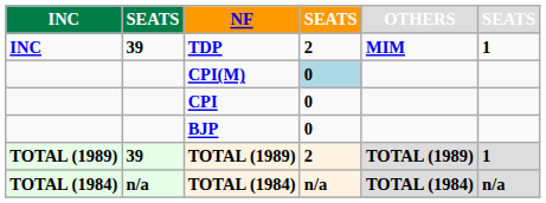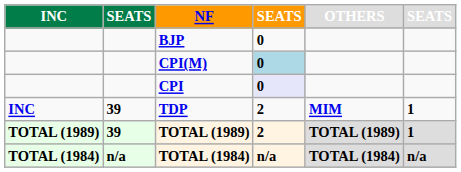 <table class="wikitable" style="font-weight: bold; font-size: x-small; font-family: verdana">
 <tr>
 <th style="background-color:#007D48; color:white">INC</th>
 <th style="background-color:#007D48; color:white">SEATS</th>
 <th style="background-color:#FF9900; color:white"><a href='#'>NF</a></th>
 <th style="background-color:#FF9900; color:white">SEATS</th>
 <th style="background-color:#DDDDDD; color:white">OTHERS</th>
 <th style="background-color:#DDDDDD; color:white">SEATS</th>
 </tr>
 <tr --->
-<td><a href='#'>INC</a></td>
-<td>39</td>
-<td><a href='#'>TDP</a></td>
-<td>2</td>
-<td><a href='#'>MIM</a></td>
-<td>1</td>
+<td></td>
+<td></td>
+<td><a href='#'>BJP</a></td>
+<td>0</td>
+<td></td>
+<td></td>
 </tr>
 <tr --->
 <td></td>
 <td></td>
 <td><a href='#'>CPI(M)</a></td>
 <td style="background: lightblue;">0</td>
 <td></td>
 <td></td>
 </tr>
 <tr --->
 <td></td>
 <td></td>
 <td><a href='#'>CPI</a></td>
-<td>0</td>
+<td style="background: lavender;">0</td>
 <td></td>
 <td></td>
 </tr>
 <tr --->
-<td></td>
-<td></td>
-<td><a href='#'>BJP</a></td>
-<td>0</td>
-<td></td>
-<td></td>
+<td><a href='#'>INC</a></td>
+<td>39</td>
+<td><a href='#'>TDP</a></td>
+<td>2</td>
+<td><a href='#'>MIM</a></td>
+<td>1</td>
 </tr>
 <tr --->
 <td bgcolor=#E6FFE6>TOTAL (1989)</td>
 <td bgcolor=#E6FFE6>39</td>
 <td bgcolor=#FFF3E1>TOTAL (1989)</td>
 <td bgcolor=#FFF3E1>2</td>
 <td bgcolor=#DDDDDD>TOTAL (1989)</td>
 <td bgcolor=#DDDDDD>1</td>
 </tr>
 <tr --->
 <td bgcolor=#E6FFE6>TOTAL (1984)</td>
 <td bgcolor=#E6FFE6>n/a</td>
 <td bgcolor=#FFF3E1>TOTAL (1984)</td>
 <td bgcolor=#FFF3E1>n/a</td>
 <td bgcolor=#DDDDDD>TOTAL (1984)</td>
 <td bgcolor=#DDDDDD>n/a</td>
 </tr>
 </table>
